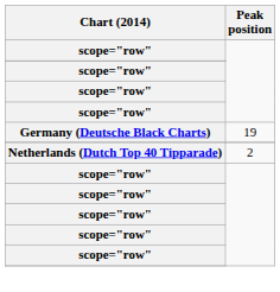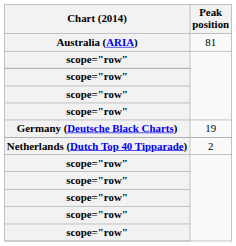 <table class="wikitable sortable plainrowheaders">
 <tr>
 <th>Chart (2014)</th>
 <th>Peak<br>position</th>
+</tr>
+<tr>
+<th scope="row">Australia (<a href='#'>ARIA</a>)</th>
+<td align="center">81</td>
 </tr>
 <tr>
 <th>scope="row" </th>
 </tr>
 <tr>
 </tr>
 <tr>
 <th>scope="row" </th>
 </tr>
 <tr>
 <th>scope="row" </th>
 </tr>
 <tr>
 <th>scope="row" </th>
 </tr>
 <tr>
 <th scope="row">Germany (<a href='#'>Deutsche Black Charts</a>)</th>
 <td align="center">19</td>
 </tr>
 <tr>
 </tr>
 <tr>
 </tr>
 <tr>
 <th scope="row">Netherlands (<a href='#'>Dutch Top 40 Tipparade</a>)</th>
 <td align="center">2</td>
 </tr>
 <tr>
 <th>scope="row" </th>
 </tr>
 <tr>
 <th>scope="row" </th>
 </tr>
 <tr>
 <th>scope="row" </th>
 </tr>
 <tr>
 <th>scope="row" </th>
 </tr>
 <tr>
 <th>scope="row" </th>
 </tr>
 <tr>
 </tr>
 </table>
